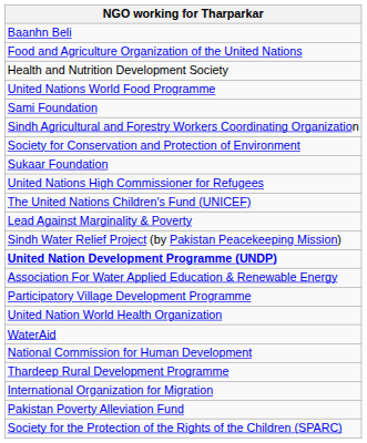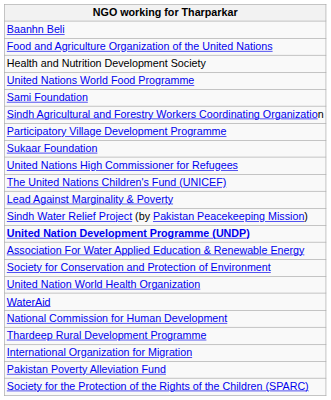 <table class="wikitable">
 <tr>
 <th>NGO working for Tharparkar</th>
 </tr>
 <tr>
 <td><a href='#'>Baanhn Beli</a></td>
 </tr>
 <tr>
 <td><a href='#'>Food and Agriculture Organization of the United Nations</a></td>
 </tr>
 <tr>
 <td>Health and Nutrition Development Society</td>
 </tr>
 <tr>
 <td><a href='#'>United Nations World Food Programme</a></td>
 </tr>
 <tr>
 <td><a href='#'>Sami Foundation</a></td>
 </tr>
 <tr>
 <td><a href='#'>Sindh Agricultural and Forestry Workers Coordinating Organizatio</a>n</td>
 </tr>
 <tr>
-<td><a href='#'>Society for Conservation and Protection of Environment</a></td>
+<td><a href='#'>Participatory Village Development Programme</a></td>
 </tr>
 <tr>
 <td><a href='#'>Sukaar Foundation</a></td>
 </tr>
 <tr>
 <td><a href='#'>United Nations High Commissioner for Refugees</a></td>
 </tr>
 <tr>
 <td><a href='#'>The United Nations Children's Fund (UNICEF)</a></td>
 </tr>
 <tr>
 <td><a href='#'>Lead Against Marginality & Poverty</a></td>
 </tr>
 <tr>
 <td><a href='#'>Sindh Water Relief Project</a> (by <a href='#'>Pakistan Peacekeeping Mission</a>)</td>
 </tr>
 <tr>
 <td><strong><a href='#'>United Nation Development Programme (UNDP)</a></strong></td>
 </tr>
 <tr>
 <td><a href='#'>Association For Water Applied Education & Renewable Energy</a></td>
 </tr>
 <tr>
-<td><a href='#'>Participatory Village Development Programme</a></td>
+<td><a href='#'>Society for Conservation and Protection of Environment</a></td>
 </tr>
 <tr>
 <td><a href='#'>United Nation World Health Organization</a></td>
 </tr>
 <tr>
 <td><a href='#'>WaterAid</a></td>
 </tr>
 <tr>
 <td><a href='#'>National Commission for Human Development</a></td>
 </tr>
 <tr>
 <td><a href='#'>Thardeep Rural Development Programme</a></td>
 </tr>
 <tr>
 <td><a href='#'>International Organization for Migration</a></td>
 </tr>
 <tr>
 <td><a href='#'>Pakistan Poverty Alleviation Fund</a></td>
 </tr>
 <tr>
 <td><a href='#'>Society for the Protection of the Rights of the Children (SPARC)</a></td>
 </tr>
 </table>
